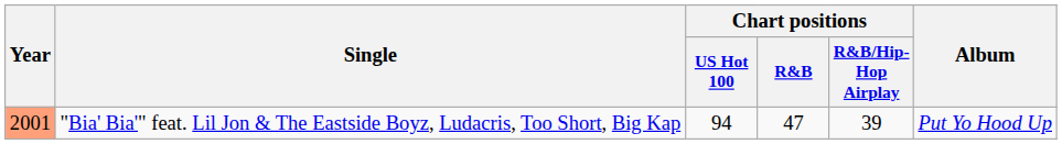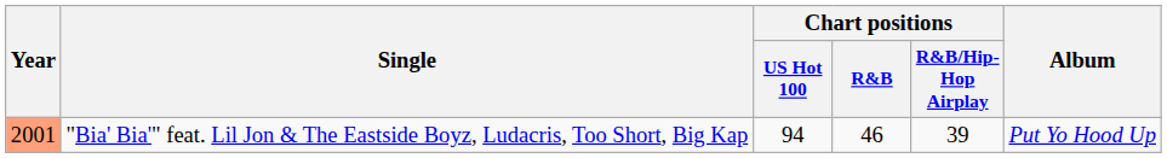 <table class="wikitable" style="text-align:center;">
 <tr>
 <th rowspan="2">Year</th>
 <th rowspan="2">Single</th>
 <th colspan="3">Chart positions</th>
 <th rowspan="2">Album</th>
 </tr>
 <tr style="font-size:smaller;">
 <th style="width:50px;"><a href='#'>US Hot 100</a></th>
 <th style="width:50px;"><a href='#'>R&B</a></th>
 <th style="width:50px;"><a href='#'>R&B/Hip-Hop Airplay</a></th>
 </tr>
 <tr>
 <td style="background: lightsalmon;">2001</td>
 <td style="text-align:left;">"<a href='#'>Bia' Bia'</a>" feat. <a href='#'>Lil Jon & The Eastside Boyz</a>, <a href='#'>Ludacris</a>, <a href='#'>Too Short</a>, <a href='#'>Big Kap</a></td>
 <td>94</td>
-<td>47</td>
+<td>46</td>
 <td>39</td>
 <td><em><a href='#'>Put Yo Hood Up</a></em></td>
 </tr>
 </table>
